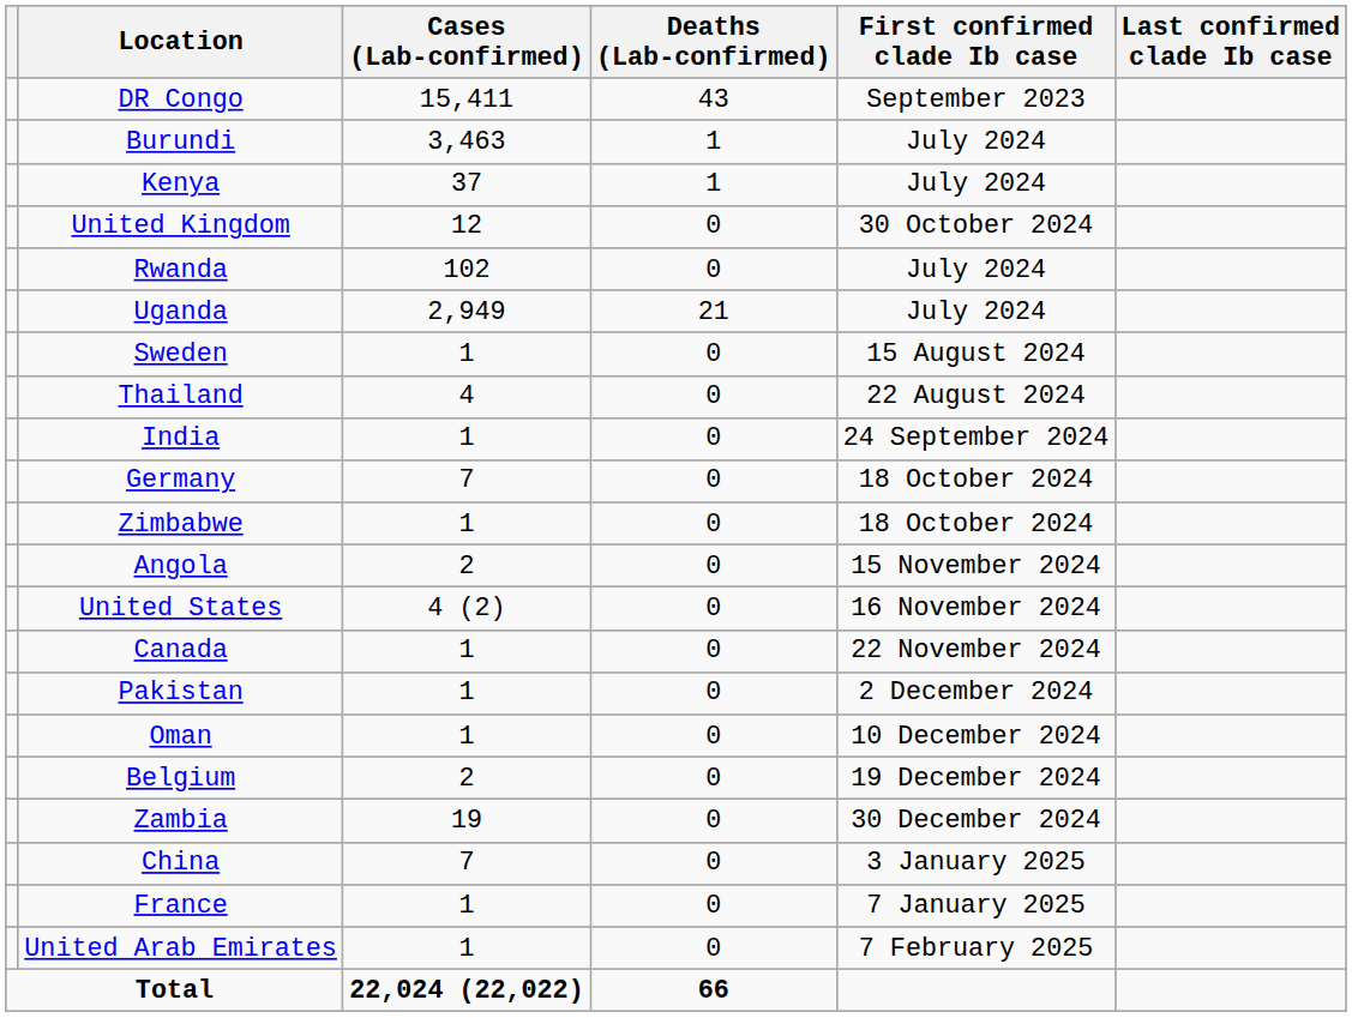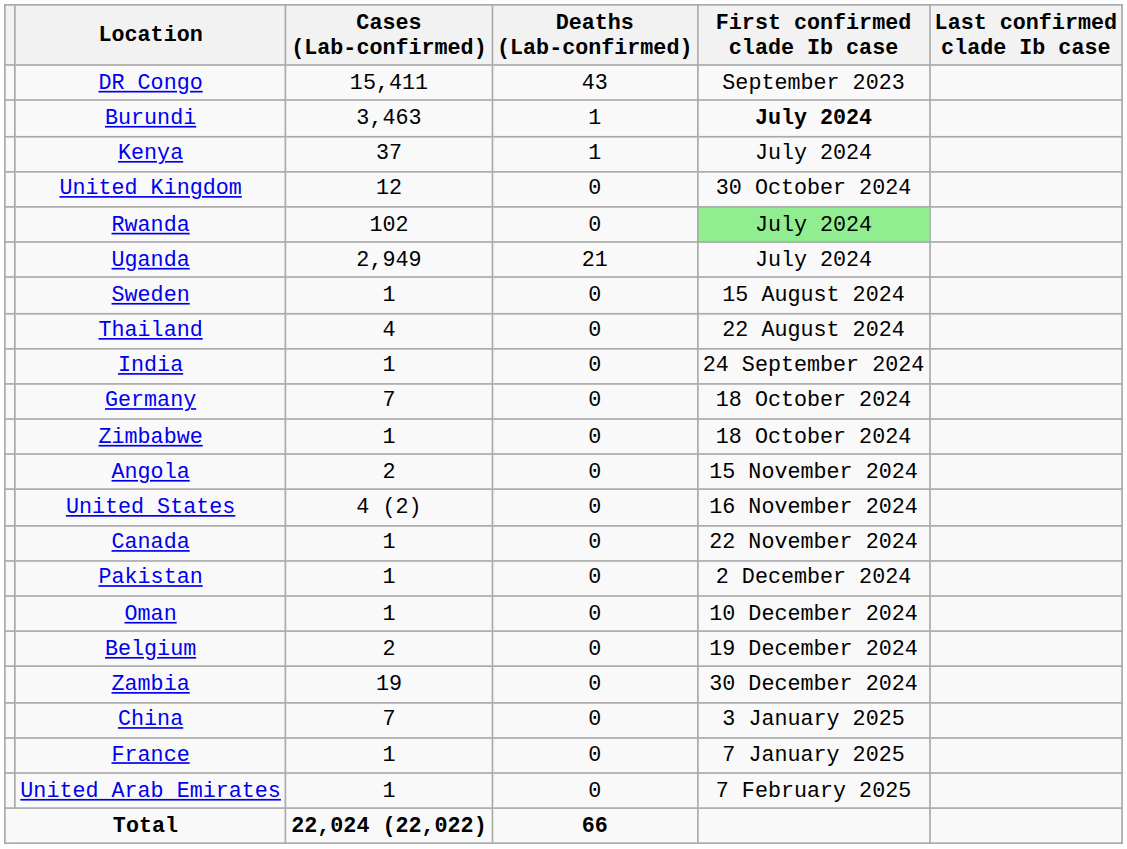 <table class="wikitable sortable" style="text-align: center;">
 <tr>
 <th></th>
 <th>Location</th>
 <th>Cases<br>(Lab-confirmed)</th>
 <th>Deaths <br>(Lab-confirmed)</th>
 <th>First confirmed<br>clade Ib case</th>
 <th>Last confirmed <br>clade Ib case</th>
 </tr>
 <tr>
 <td></td>
 <td><a href='#'>DR Congo</a></td>
 <td>15,411</td>
 <td>43</td>
 <td>September 2023</td>
 <td></td>
 </tr>
 <tr>
 <td></td>
 <td><a href='#'>Burundi</a></td>
 <td>3,463</td>
 <td>1</td>
-<td>July 2024</td>
+<td><strong>July 2024</strong></td>
 <td></td>
 </tr>
 <tr>
 <td></td>
 <td><a href='#'>Kenya</a></td>
 <td>37</td>
 <td>1</td>
 <td>July 2024</td>
 <td></td>
 </tr>
 <tr>
 <td></td>
 <td><a href='#'>United Kingdom</a></td>
 <td>12</td>
 <td>0</td>
 <td>30 October 2024</td>
 <td></td>
 </tr>
 <tr>
 <td></td>
 <td><a href='#'>Rwanda</a></td>
 <td>102</td>
 <td>0</td>
-<td>July 2024</td>
+<td style="background: lightgreen;">July 2024</td>
 <td></td>
 </tr>
 <tr>
 <td></td>
 <td><a href='#'>Uganda</a></td>
 <td>2,949</td>
 <td>21</td>
 <td>July 2024</td>
 <td></td>
 </tr>
 <tr>
 <td></td>
 <td><a href='#'>Sweden</a></td>
 <td>1</td>
 <td>0</td>
 <td>15 August 2024</td>
 <td></td>
 </tr>
 <tr>
 <td></td>
 <td><a href='#'>Thailand</a></td>
 <td>4</td>
 <td>0</td>
 <td>22 August 2024</td>
 <td></td>
 </tr>
 <tr>
 <td></td>
 <td><a href='#'>India</a></td>
 <td>1</td>
 <td>0</td>
 <td>24 September 2024</td>
 </tr>
 <tr>
 <td></td>
 <td><a href='#'>Germany</a></td>
 <td>7</td>
 <td>0</td>
 <td>18 October 2024</td>
 <td></td>
 </tr>
 <tr>
 <td></td>
 <td><a href='#'>Zimbabwe</a></td>
 <td>1</td>
 <td>0</td>
 <td>18 October 2024</td>
 <td></td>
 </tr>
 <tr>
 <td></td>
 <td><a href='#'>Angola</a></td>
 <td>2</td>
 <td>0</td>
 <td>15 November 2024</td>
 <td></td>
 </tr>
 <tr>
 <td></td>
 <td><a href='#'>United States</a></td>
 <td>4 (2)</td>
 <td>0</td>
 <td>16 November 2024</td>
 </tr>
 <tr>
 <td></td>
 <td><a href='#'>Canada</a></td>
 <td>1</td>
 <td>0</td>
 <td>22 November 2024</td>
 <td></td>
 </tr>
 <tr>
 <td></td>
 <td><a href='#'>Pakistan</a></td>
 <td>1</td>
 <td>0</td>
 <td>2 December 2024</td>
 <td></td>
 </tr>
 <tr>
 <td></td>
 <td><a href='#'>Oman</a></td>
 <td>1</td>
 <td>0</td>
 <td>10 December 2024</td>
 <td></td>
 </tr>
 <tr>
 <td></td>
 <td><a href='#'>Belgium</a></td>
 <td>2</td>
 <td>0</td>
 <td>19 December 2024</td>
 <td></td>
 </tr>
 <tr>
 <td></td>
 <td><a href='#'>Zambia</a></td>
 <td>19</td>
 <td>0</td>
 <td>30 December 2024</td>
 <td></td>
 </tr>
 <tr>
 <td></td>
 <td><a href='#'>China</a></td>
 <td>7</td>
 <td>0</td>
 <td>3 January 2025</td>
 <td></td>
 </tr>
 <tr>
 <td></td>
 <td><a href='#'>France</a></td>
 <td>1</td>
 <td>0</td>
 <td>7 January 2025</td>
 <td></td>
 </tr>
 <tr>
 <td></td>
 <td><a href='#'>United Arab Emirates</a></td>
 <td>1</td>
 <td>0</td>
 <td>7 February 2025</td>
 <td></td>
 </tr>
 <tr>
 <td colspan="2"><strong>Total</strong></td>
 <td><strong>22,024 (22,022)</strong></td>
 <td><strong>66</strong></td>
 <td></td>
 <td></td>
 </tr>
 </table>
